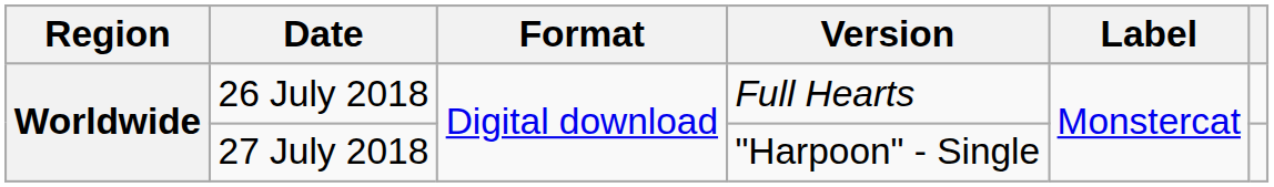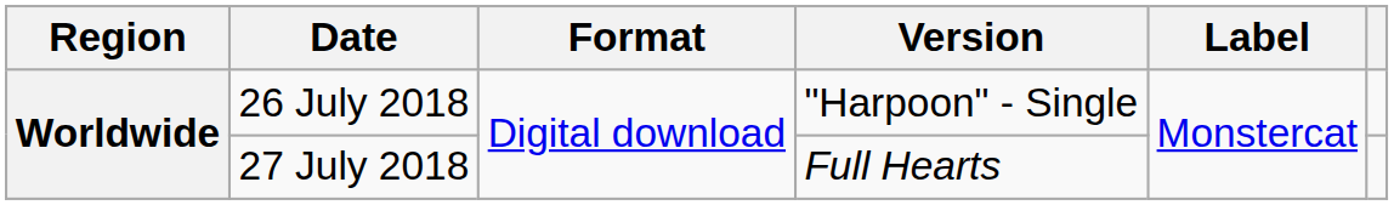 <table class="wikitable plainrowheaders">
 <tr>
 <th>Region</th>
 <th>Date</th>
 <th>Format</th>
 <th>Version</th>
 <th>Label</th>
 <th></th>
 </tr>
 <tr>
 <th scope="row" rowspan="2">Worldwide</th>
 <td>26 July 2018</td>
 <td rowspan="2"><a href='#'>Digital download</a></td>
-<td><em>Full Hearts</em></td>
+<td>"Harpoon" - Single</td>
 <td rowspan="2"><a href='#'>Monstercat</a></td>
 <td></td>
 </tr>
 <tr>
 <td>27 July 2018</td>
-<td>"Harpoon" - Single</td>
+<td><em>Full Hearts</em></td>
 <td></td>
 </tr>
 </table>
